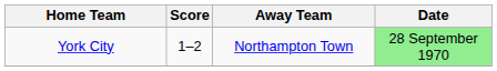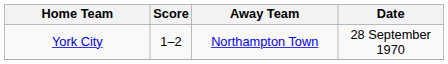 <table class="wikitable" style="text-align:center;">
 <tr>
 <th width=175>Home Team</th>
 <th width=20>Score</th>
 <th width=175>Away Team</th>
 <th width=125>Date</th>
 </tr>
 <tr>
 <td><a href='#'>York City</a></td>
 <td>1–2</td>
 <td><a href='#'>Northampton Town</a></td>
-<td style="background: lightgreen;">28 September 1970</td>
+<td>28 September 1970</td>
 </tr>
 <tr>
 </tr>
 </table>
